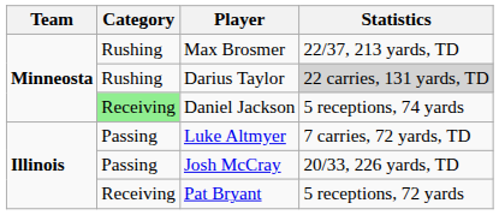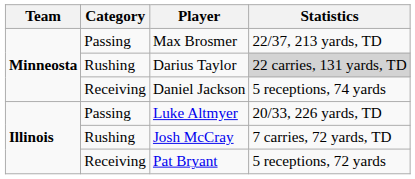 <table class="wikitable" style="float: right;">
 <tr>
 <th>Team</th>
 <th>Category</th>
 <th>Player</th>
 <th>Statistics</th>
 </tr>
 <tr>
 <td rowspan=3><strong>Minneosta</strong></td>
-<td>Rushing</td>
+<td>Passing</td>
 <td>Max Brosmer</td>
 <td>22/37, 213 yards, TD</td>
 </tr>
 <tr>
 <td>Rushing</td>
 <td>Darius Taylor</td>
 <td style="background: lightgrey;">22 carries, 131 yards, TD</td>
 </tr>
 <tr>
-<td style="background: lightgreen;">Receiving</td>
+<td>Receiving</td>
 <td>Daniel Jackson</td>
 <td>5 receptions, 74 yards</td>
 </tr>
 <tr>
 <td rowspan=3><strong>Illinois</strong></td>
 <td>Passing</td>
 <td><a href='#'>Luke Altmyer</a></td>
-<td>7 carries, 72 yards, TD</td>
+<td>20/33, 226 yards, TD</td>
 </tr>
 <tr>
-<td>Passing</td>
+<td>Rushing</td>
 <td><a href='#'>Josh McCray</a></td>
-<td>20/33, 226 yards, TD</td>
+<td>7 carries, 72 yards, TD</td>
 </tr>
 <tr>
 <td>Receiving</td>
 <td><a href='#'>Pat Bryant</a></td>
 <td>5 receptions, 72 yards</td>
 </tr>
 </table>
